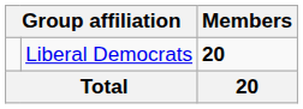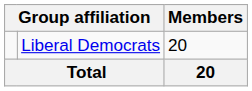 <table class="wikitable">
 <tr>
 <th colspan="2" rowspan="1" align="center" valign="top">Group affiliation</th>
 <th valign="top">Members</th>
 </tr>
 <tr>
 <td style="background-color:"> </td>
 <td><a href='#'>Liberal Democrats</a></td>
-<td><strong>20</strong></td>
+<td>20</td>
 </tr>
 <tr>
 <th colspan="2" rowspan="1"> Total</th>
 <th>20</th>
 </tr>
 </table>
